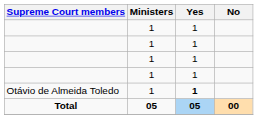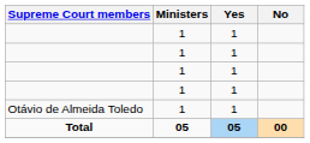 <table class="wikitable">
 <tr>
 <th><a href='#'>Supreme Court members</a></th>
 <th width="55pt">Ministers</th>
 <th width="55pt">Yes</th>
 <th width="55pt">No</th>
 </tr>
 <tr>
 <td align="left"></td>
 <td align="center">1</td>
 <td align="center">1</td>
 <td align="center"></td>
 </tr>
 <tr>
 <td align="left"></td>
 <td align="center">1</td>
 <td align="center">1</td>
 <td align="center"></td>
 </tr>
 <tr>
 <td align="left"></td>
 <td align="center">1</td>
 <td align="center">1</td>
 <td align="center"></td>
 </tr>
 <tr>
 <td align="left"></td>
 <td align="center">1</td>
 <td align="center">1</td>
 <td align="center"></td>
 </tr>
 <tr>
 <td align="left">Otávio de Almeida Toledo</td>
 <td align="center">1</td>
-<td align="center"><strong>1</strong></td>
+<td align="center">1</td>
 <td align="center"></td>
 </tr>
 <tr>
 <td align="center"><strong>Total</strong></td>
 <td align="center"><strong>05</strong></td>
 <td align="center" bgcolor="#abd5f5"><strong>05</strong></td>
 <td align="center" bgcolor="#FFDEAD"><strong>00</strong></td>
 </tr>
 <tr>
 </tr>
 </table>
